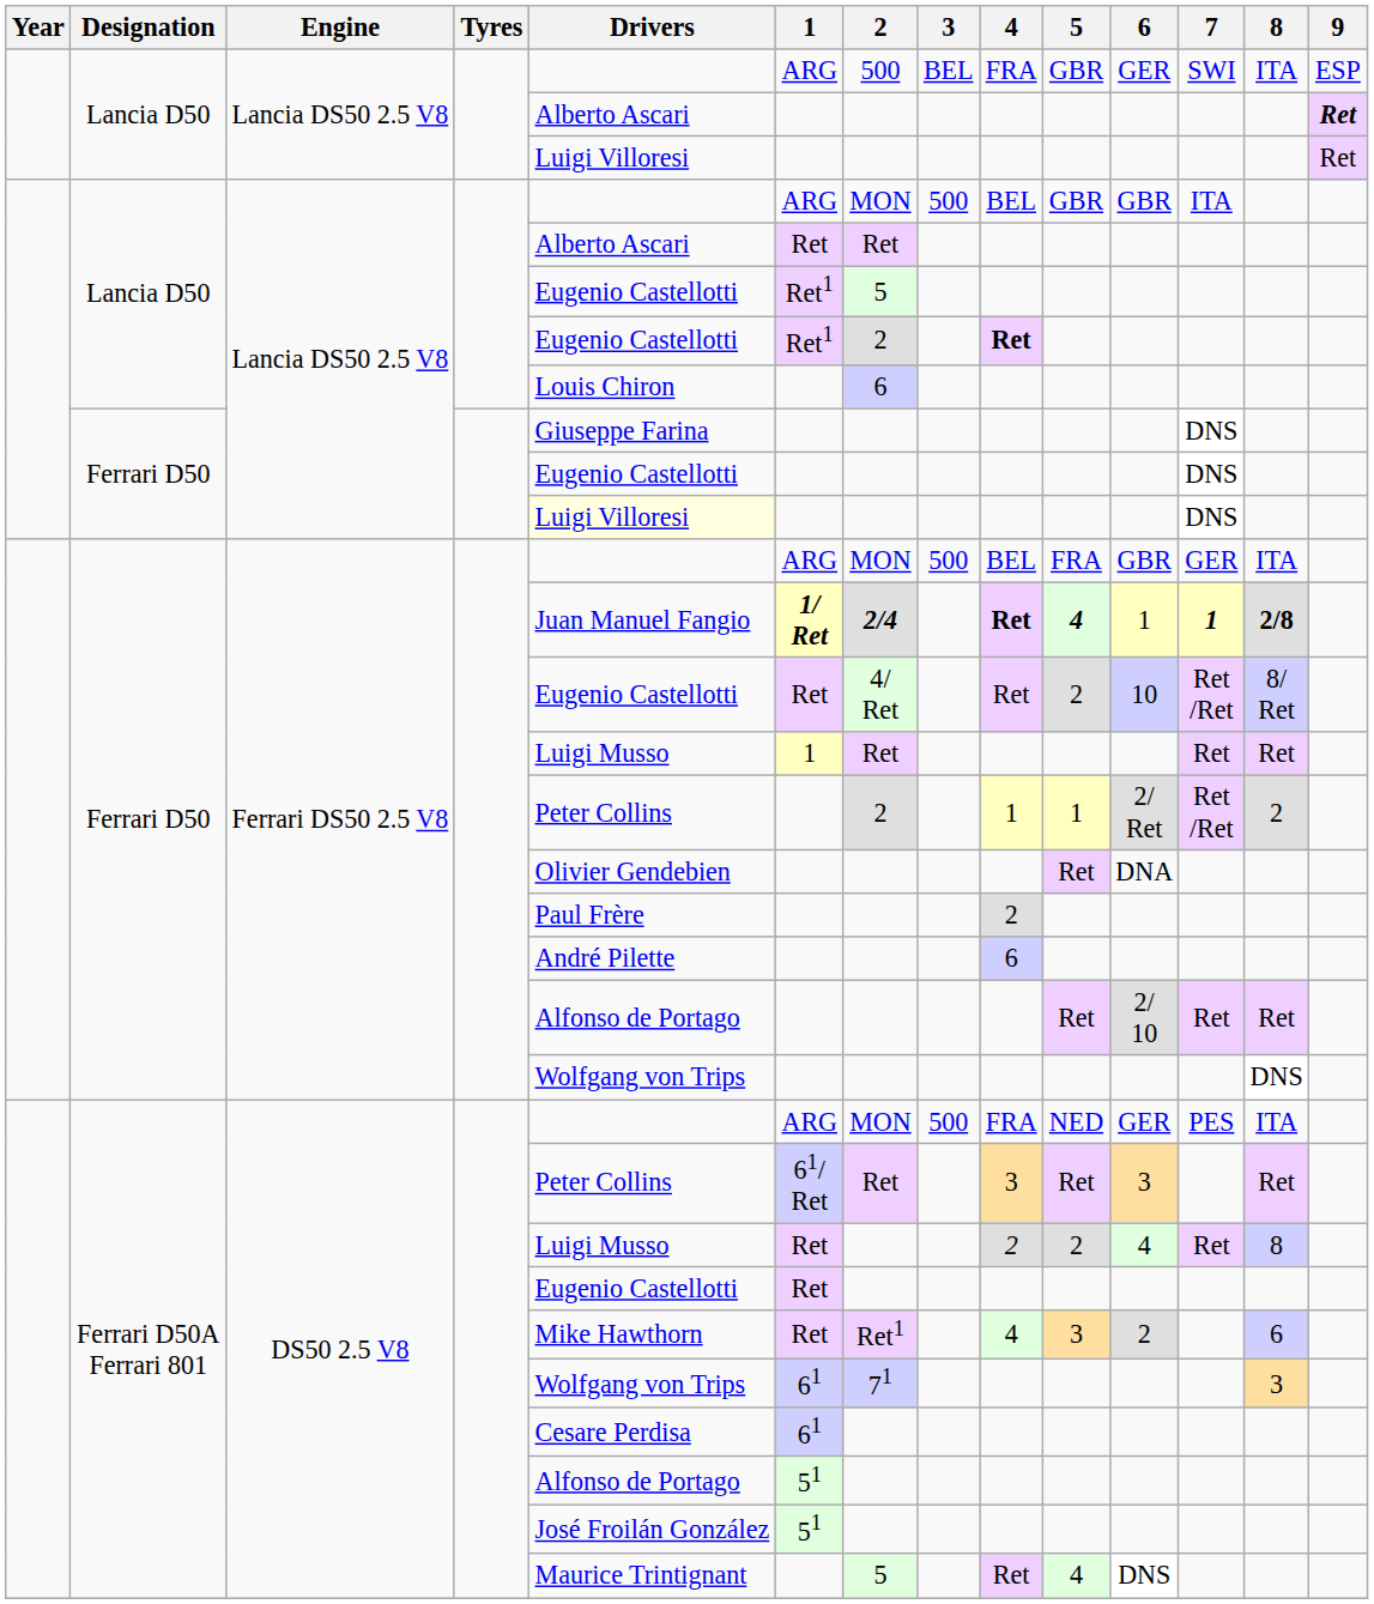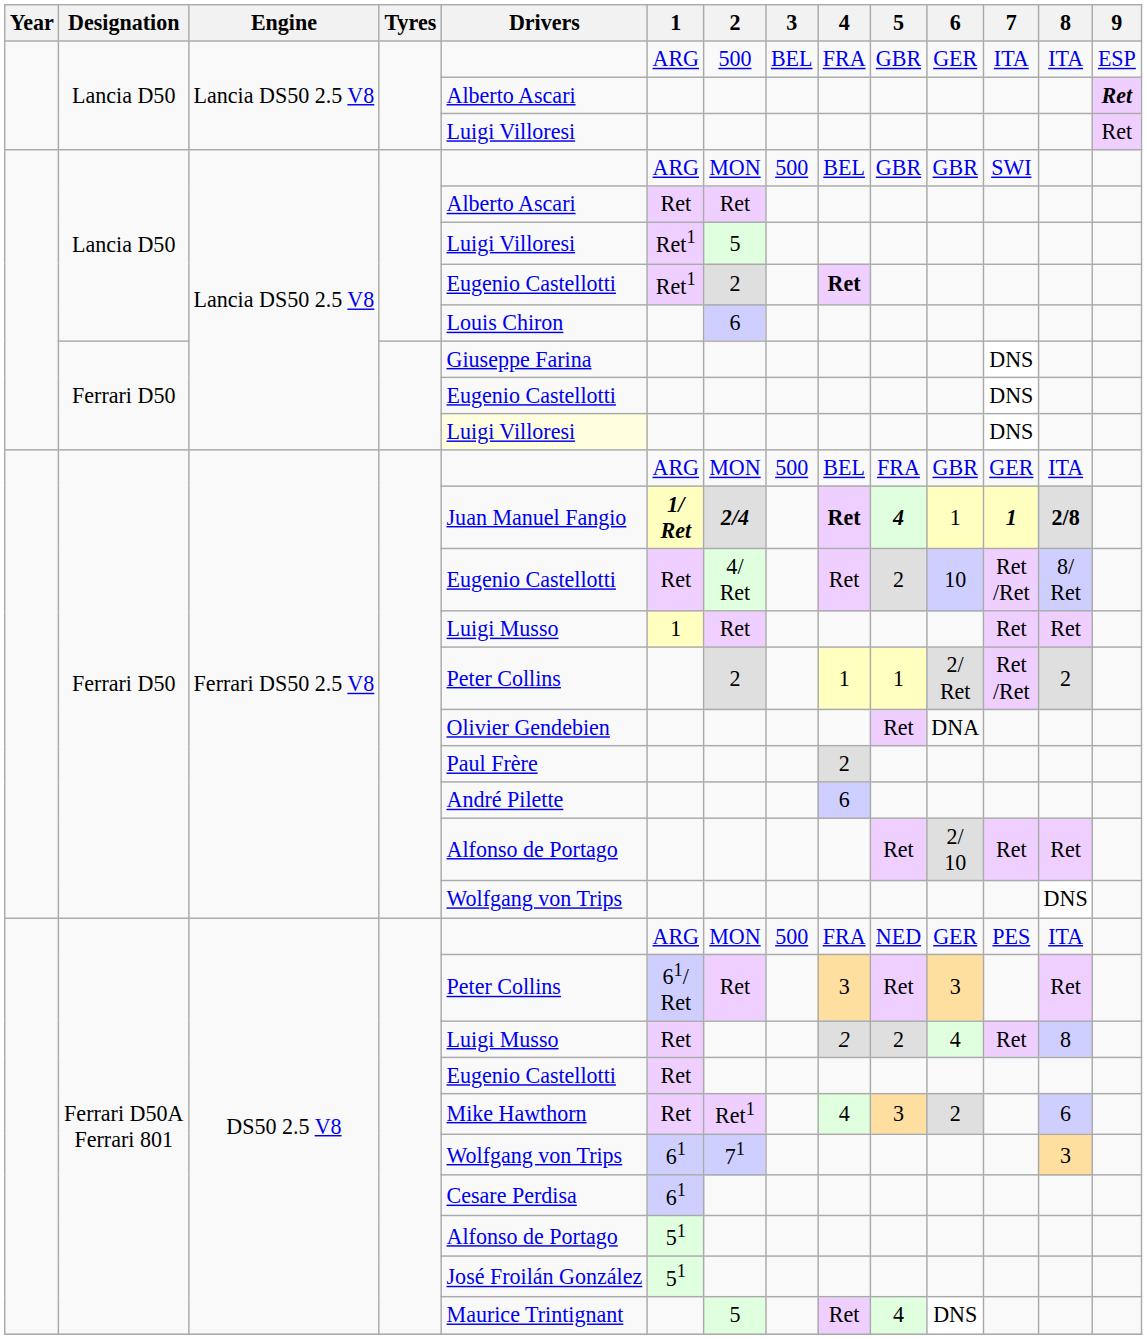 <table class="wikitable" style="text-align:center; font-size:95%">
 <tr>
 <th>Year</th>
 <th>Designation</th>
 <th>Engine</th>
 <th>Tyres</th>
 <th>Drivers</th>
 <th>1</th>
 <th>2</th>
 <th>3</th>
 <th>4</th>
 <th>5</th>
 <th>6</th>
 <th>7</th>
 <th>8</th>
 <th>9</th>
 </tr>
 <tr>
 <td rowspan="3"></td>
 <td rowspan="3">Lancia D50</td>
 <td rowspan="3">Lancia DS50 2.5 <a href='#'>V8</a></td>
 <td rowspan="3"></td>
 <td></td>
 <td><a href='#'>ARG</a></td>
 <td><a href='#'>500</a></td>
 <td><a href='#'>BEL</a></td>
 <td><a href='#'>FRA</a></td>
 <td><a href='#'>GBR</a></td>
 <td><a href='#'>GER</a></td>
-<td><a href='#'>SWI</a></td>
+<td><a href='#'>ITA</a></td>
 <td><a href='#'>ITA</a></td>
 <td><a href='#'>ESP</a></td>
 </tr>
 <tr>
 <td align="left"><a href='#'>Alberto Ascari</a></td>
 <td></td>
 <td></td>
 <td></td>
 <td></td>
 <td></td>
 <td></td>
 <td></td>
 <td></td>
 <td style="background:#EFCFFF;"><strong><em>Ret</em></strong></td>
 </tr>
 <tr>
 <td align="left"><a href='#'>Luigi Villoresi</a></td>
 <td></td>
 <td></td>
 <td></td>
 <td></td>
 <td></td>
 <td></td>
 <td></td>
 <td></td>
 <td style="background:#EFCFFF;">Ret</td>
 </tr>
 <tr>
 <td rowspan="8"></td>
 <td rowspan="5">Lancia D50</td>
 <td rowspan="8">Lancia DS50 2.5 <a href='#'>V8</a></td>
 <td rowspan="5"></td>
 <td></td>
 <td><a href='#'>ARG</a></td>
 <td><a href='#'>MON</a></td>
 <td><a href='#'>500</a></td>
 <td><a href='#'>BEL</a></td>
 <td><a href='#'>GBR</a></td>
 <td><a href='#'>GBR</a></td>
-<td><a href='#'>ITA</a></td>
+<td><a href='#'>SWI</a></td>
 <td></td>
 <td></td>
 </tr>
 <tr>
 <td align="left"><a href='#'>Alberto Ascari</a></td>
 <td style="background:#EFCFFF;">Ret</td>
 <td style="background:#EFCFFF;">Ret</td>
 <td></td>
 <td></td>
 <td></td>
 <td></td>
 <td></td>
 <td></td>
 <td></td>
 </tr>
 <tr>
-<td align="left"><a href='#'>Eugenio Castellotti</a></td>
+<td align="left"><a href='#'>Luigi Villoresi</a></td>
 <td style="background:#EFCFFF;">Ret<sup>1</sup></td>
 <td style="background:#DFFFDF;">5</td>
 <td></td>
 <td></td>
 <td></td>
 <td></td>
 <td></td>
 <td></td>
 <td></td>
 </tr>
 <tr>
 <td align="left"><a href='#'>Eugenio Castellotti</a></td>
 <td style="background:#EFCFFF;">Ret<sup>1</sup></td>
 <td style="background:#DFDFDF;">2</td>
 <td></td>
 <td style="background:#EFCFFF;"><strong>Ret</strong></td>
 <td></td>
 <td></td>
 <td></td>
 <td></td>
 <td></td>
 </tr>
 <tr>
 <td align="left"><a href='#'>Louis Chiron</a></td>
 <td></td>
 <td style="background:#CFCFFF;">6</td>
 <td></td>
 <td></td>
 <td></td>
 <td></td>
 <td></td>
 <td></td>
 <td></td>
 </tr>
 <tr>
 <td rowspan="3">Ferrari D50</td>
 <td rowspan="3"></td>
 <td align="left"><a href='#'>Giuseppe Farina</a></td>
 <td></td>
 <td></td>
 <td></td>
 <td></td>
 <td></td>
 <td></td>
 <td style="background:#FFFFFF;">DNS</td>
 <td></td>
 <td></td>
 </tr>
 <tr>
 <td align="left"><a href='#'>Eugenio Castellotti</a></td>
 <td></td>
 <td></td>
 <td></td>
 <td></td>
 <td></td>
 <td></td>
 <td style="background:#FFFFFF;">DNS</td>
 <td></td>
 <td></td>
 </tr>
 <tr>
 <td align="left" style="background: lightyellow;"><a href='#'>Luigi Villoresi</a></td>
 <td></td>
 <td></td>
 <td></td>
 <td></td>
 <td></td>
 <td></td>
 <td style="background:#FFFFFF;">DNS</td>
 <td></td>
 <td></td>
 </tr>
 <tr>
 <td rowspan="10"></td>
 <td rowspan="10">Ferrari D50</td>
 <td rowspan="10">Ferrari DS50 2.5 <a href='#'>V8</a></td>
 <td rowspan="10"><br></td>
 <td></td>
 <td><a href='#'>ARG</a></td>
 <td><a href='#'>MON</a></td>
 <td><a href='#'>500</a></td>
 <td><a href='#'>BEL</a></td>
 <td><a href='#'>FRA</a></td>
 <td><a href='#'>GBR</a></td>
 <td><a href='#'>GER</a></td>
 <td><a href='#'>ITA</a></td>
 <td></td>
 </tr>
 <tr>
 <td align="left"><a href='#'>Juan Manuel Fangio</a></td>
 <td style="background:#FFFFBF;"><strong><em>1/<br>Ret</em></strong></td>
 <td style="background:#DFDFDF;"><strong><em>2/4</em></strong></td>
 <td></td>
 <td style="background:#EFCFFF;"><strong>Ret</strong></td>
 <td style="background:#DFFFDF;"><strong><em>4</em></strong></td>
 <td style="background:#FFFFBF;">1</td>
 <td style="background:#FFFFBF;"><strong><em>1</em></strong></td>
 <td style="background:#DFDFDF;"><strong>2/8</strong></td>
 <td></td>
 </tr>
 <tr>
 <td align="left"><a href='#'>Eugenio Castellotti</a></td>
 <td style="background:#EFCFFF;">Ret</td>
 <td style="background:#DFFFDF;">4/<br>Ret</td>
 <td></td>
 <td style="background:#EFCFFF;">Ret</td>
 <td style="background:#DFDFDF;">2</td>
 <td style="background:#CFCFFF;">10</td>
 <td style="background:#EFCFFF;">Ret<br>/Ret</td>
 <td style="background:#CFCFFF;">8/<br>Ret</td>
 <td></td>
 </tr>
 <tr>
 <td align="left"><a href='#'>Luigi Musso</a></td>
 <td style="background:#FFFFBF;">1</td>
 <td style="background:#EFCFFF;">Ret</td>
 <td></td>
 <td></td>
 <td></td>
 <td></td>
 <td style="background:#EFCFFF;">Ret</td>
 <td style="background:#EFCFFF;">Ret</td>
 <td></td>
 </tr>
 <tr>
 <td align="left"><a href='#'>Peter Collins</a></td>
 <td></td>
 <td style="background:#DFDFDF;">2</td>
 <td></td>
 <td style="background:#FFFFBF;">1</td>
 <td style="background:#FFFFBF;">1</td>
 <td style="background:#DFDFDF;">2/<br>Ret</td>
 <td style="background:#EFCFFF;">Ret<br>/Ret</td>
 <td style="background:#DFDFDF;">2</td>
 <td></td>
 </tr>
 <tr>
 <td align="left"><a href='#'>Olivier Gendebien</a></td>
 <td></td>
 <td></td>
 <td></td>
 <td></td>
 <td style="background:#EFCFFF;">Ret</td>
 <td>DNA</td>
 <td></td>
 <td></td>
 <td></td>
 </tr>
 <tr>
 <td align="left"><a href='#'>Paul Frère</a></td>
 <td></td>
 <td></td>
 <td></td>
 <td style="background:#DFDFDF;">2</td>
 <td></td>
 <td></td>
 <td></td>
 <td></td>
 <td></td>
 </tr>
 <tr>
 <td align="left"><a href='#'>André Pilette</a></td>
 <td></td>
 <td></td>
 <td></td>
 <td style="background:#CFCFFF;">6</td>
 <td></td>
 <td></td>
 <td></td>
 <td></td>
 <td></td>
 </tr>
 <tr>
 <td align="left"><a href='#'>Alfonso de Portago</a></td>
 <td></td>
 <td></td>
 <td></td>
 <td></td>
 <td style="background:#EFCFFF;">Ret</td>
 <td style="background:#DFDFDF;">2/<br>10</td>
 <td style="background:#EFCFFF;">Ret</td>
 <td style="background:#EFCFFF;">Ret</td>
 <td></td>
 </tr>
 <tr>
 <td align="left"><a href='#'>Wolfgang von Trips</a></td>
 <td></td>
 <td></td>
 <td></td>
 <td></td>
 <td></td>
 <td></td>
 <td></td>
 <td style="background:#FFFFFF;">DNS</td>
 <td></td>
 </tr>
 <tr>
 <td rowspan="10"></td>
 <td rowspan="10">Ferrari D50A<br>Ferrari 801</td>
 <td rowspan="10">DS50 2.5 <a href='#'>V8</a></td>
 <td rowspan="10"></td>
 <td></td>
 <td><a href='#'>ARG</a></td>
 <td><a href='#'>MON</a></td>
 <td><a href='#'>500</a></td>
 <td><a href='#'>FRA</a></td>
 <td><a href='#'>NED</a></td>
 <td><a href='#'>GER</a></td>
 <td><a href='#'>PES</a></td>
 <td><a href='#'>ITA</a></td>
 <td></td>
 </tr>
 <tr>
 <td align="left"><a href='#'>Peter Collins</a></td>
 <td style="background:#CFCFFF;">6<sup>1</sup>/<br>Ret</td>
 <td style="background:#EFCFFF;">Ret</td>
 <td></td>
 <td style="background-color:#FFDF9F">3</td>
 <td style="background-color:#EFCFFF">Ret</td>
 <td style="background-color:#FFDF9F">3</td>
 <td></td>
 <td style="background-color:#EFCFFF">Ret</td>
 <td></td>
 </tr>
 <tr>
 <td align="left"><a href='#'>Luigi Musso</a></td>
 <td style="background:#EFCFFF;">Ret</td>
 <td></td>
 <td></td>
 <td style="background:#DFDFDF;"><em>2</em></td>
 <td style="background:#DFDFDF;">2</td>
 <td style="background:#DFFFDF;">4</td>
 <td style="background:#EFCFFF;">Ret</td>
 <td style="background:#CFCFFF;">8</td>
 <td></td>
 </tr>
 <tr>
 <td align="left"><a href='#'>Eugenio Castellotti</a></td>
 <td style="background:#EFCFFF;">Ret</td>
 <td></td>
 <td></td>
 <td></td>
 <td></td>
 <td></td>
 <td></td>
 <td></td>
 <td></td>
 </tr>
 <tr>
 <td align="left"><a href='#'>Mike Hawthorn</a></td>
 <td style="background:#EFCFFF">Ret</td>
 <td style="background:#EFCFFF">Ret<sup>1</sup></td>
 <td></td>
 <td style="background:#DFFFDF;">4</td>
 <td style="background:#FFDF9F;">3</td>
 <td style="background:#DFDFDF;">2</td>
 <td></td>
 <td style="background:#CFCFFF;">6</td>
 <td></td>
 </tr>
 <tr>
 <td align="left"><a href='#'>Wolfgang von Trips</a></td>
 <td style="background:#CFCFFF;">6<sup>1</sup></td>
 <td style="background:#CFCFFF;">7<sup>1</sup></td>
 <td></td>
 <td></td>
 <td></td>
 <td></td>
 <td></td>
 <td style="background-color:#FFDF9F">3</td>
 <td></td>
 </tr>
 <tr>
 <td align="left"><a href='#'>Cesare Perdisa</a></td>
 <td style="background:#CFCFFF;">6<sup>1</sup></td>
 <td></td>
 <td></td>
 <td></td>
 <td></td>
 <td></td>
 <td></td>
 <td></td>
 <td></td>
 </tr>
 <tr>
 <td align="left"><a href='#'>Alfonso de Portago</a></td>
 <td style="background:#DFFFDF;">5<sup>1</sup></td>
 <td></td>
 <td></td>
 <td></td>
 <td></td>
 <td></td>
 <td></td>
 <td></td>
 <td></td>
 </tr>
 <tr>
 <td align="left"><a href='#'>José Froilán González</a></td>
 <td style="background:#DFFFDF;">5<sup>1</sup></td>
 <td></td>
 <td></td>
 <td></td>
 <td></td>
 <td></td>
 <td></td>
 <td></td>
 <td></td>
 </tr>
 <tr>
 <td align="left"><a href='#'>Maurice Trintignant</a></td>
 <td></td>
 <td style="background:#DFFFDF;">5</td>
 <td></td>
 <td style="background:#EFCFFF;">Ret</td>
 <td style="background:#DFFFDF;">4</td>
 <td style="background:#FFFFFF;">DNS</td>
 <td></td>
 <td></td>
 <td></td>
 </tr>
 <tr>
 </tr>
 </table>
